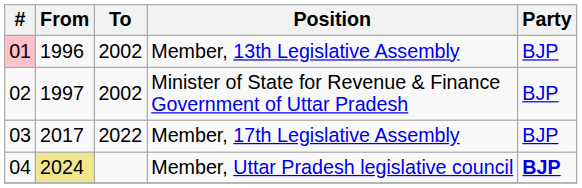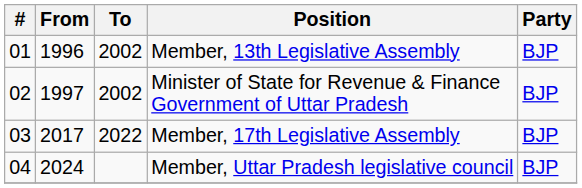 <table class="wikitable sortable">
 <tr>
 <th>#</th>
 <th>From</th>
 <th>To</th>
 <th>Position</th>
 <th>Party</th>
 </tr>
 <tr>
-<td style="background: pink;">01</td>
+<td>01</td>
 <td>1996</td>
 <td>2002</td>
 <td>Member, <a href='#'>13th Legislative Assembly</a></td>
 <td><a href='#'>BJP</a></td>
 </tr>
 <tr>
 <td>02</td>
 <td>1997</td>
 <td>2002</td>
 <td>Minister of State for Revenue & Finance<br><a href='#'>Government of Uttar Pradesh</a></td>
 <td><a href='#'>BJP</a></td>
 </tr>
 <tr>
 <td>03</td>
 <td>2017</td>
 <td>2022</td>
 <td>Member, <a href='#'>17th Legislative Assembly</a></td>
 <td><a href='#'>BJP</a></td>
 </tr>
 <tr>
 <td>04</td>
-<td style="background: khaki;">2024</td>
+<td>2024</td>
 <td></td>
 <td>Member, <a href='#'>Uttar Pradesh legislative council</a></td>
-<td><strong><a href='#'>BJP</a></strong></td>
+<td><a href='#'>BJP</a></td>
 </tr>
 <tr>
 </tr>
 </table>
